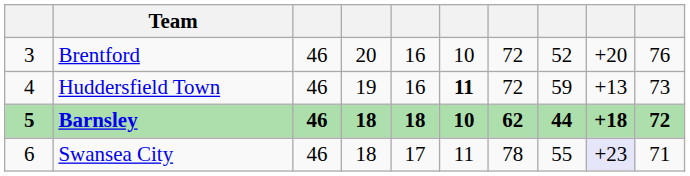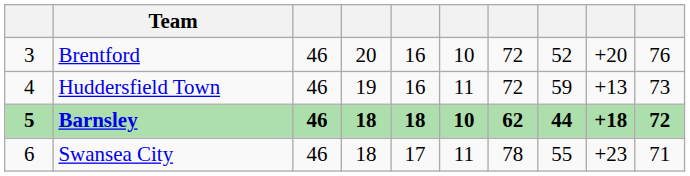 <table class="wikitable" style="text-align:center">
 <tr>
 <th width="30"></th>
 <th width="175">Team</th>
 <th width="30"></th>
 <th width="30"></th>
 <th width="30"></th>
 <th width="30"></th>
 <th width="30"></th>
 <th width="30"></th>
 <th width="30"></th>
 <th width="30"></th>
 </tr>
 <tr>
 <td>3</td>
 <td align=left><a href='#'>Brentford</a></td>
 <td>46</td>
 <td>20</td>
 <td>16</td>
 <td>10</td>
 <td>72</td>
 <td>52</td>
 <td>+20</td>
 <td>76</td>
 </tr>
 <tr>
 <td>4</td>
 <td align=left><a href='#'>Huddersfield Town</a></td>
 <td>46</td>
 <td>19</td>
 <td>16</td>
-<td><strong>11</strong></td>
+<td>11</td>
 <td>72</td>
 <td>59</td>
 <td>+13</td>
 <td>73</td>
 </tr>
 <tr bgcolor=#ADDFAD>
 <td><strong>5</strong></td>
 <td align=left><strong><a href='#'>Barnsley</a></strong></td>
 <td><strong>46</strong></td>
 <td><strong>18</strong></td>
 <td><strong>18</strong></td>
 <td><strong>10</strong></td>
 <td><strong>62</strong></td>
 <td><strong>44</strong></td>
 <td><strong>+18</strong></td>
 <td><strong>72</strong></td>
 </tr>
 <tr>
 <td>6</td>
 <td align=left><a href='#'>Swansea City</a></td>
 <td>46</td>
 <td>18</td>
 <td>17</td>
 <td>11</td>
 <td>78</td>
 <td>55</td>
-<td style="background: lavender;">+23</td>
+<td>+23</td>
 <td>71</td>
 </tr>
 </table>
